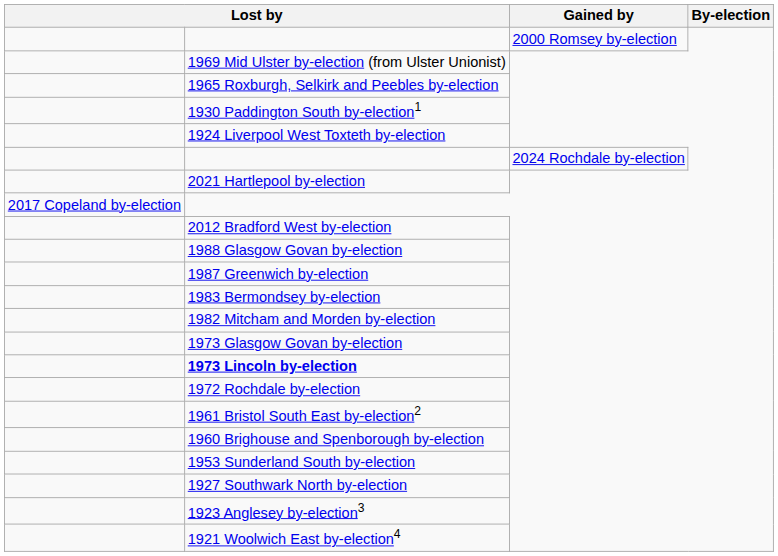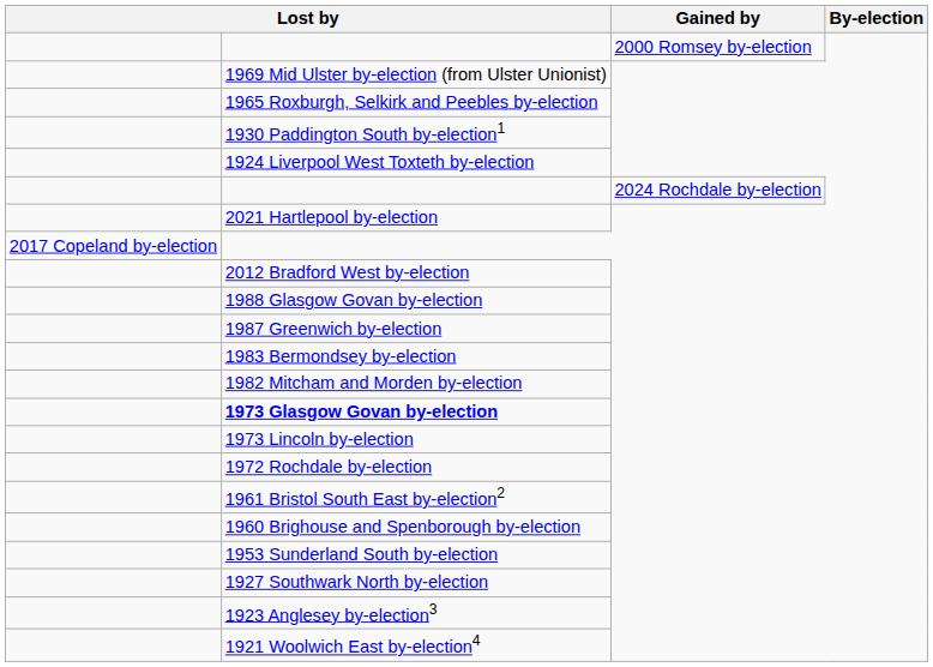 <table class="wikitable">
 <tr>
 <th colspan=2>Lost by</th>
 <th colspan=2>Gained by</th>
 <th>By-election</th>
 </tr>
 <tr>
 <td></td>
 <td></td>
 <td><a href='#'>2000 Romsey by-election</a></td>
 </tr>
 <tr>
 <td></td>
 <td><a href='#'>1969 Mid Ulster by-election</a> (from Ulster Unionist)</td>
 </tr>
 <tr>
 <td></td>
 <td><a href='#'>1965 Roxburgh, Selkirk and Peebles by-election</a></td>
 </tr>
 <tr>
 <td></td>
 <td><a href='#'>1930 Paddington South by-election</a><sup>1</sup></td>
 </tr>
 <tr>
 <td></td>
 <td><a href='#'>1924 Liverpool West Toxteth by-election</a></td>
 </tr>
 <tr>
 <td></td>
 <td></td>
 <td><a href='#'>2024 Rochdale by-election</a></td>
 </tr>
 <tr>
 <td></td>
 <td><a href='#'>2021 Hartlepool by-election</a></td>
 </tr>
 <tr>
 <td><a href='#'>2017 Copeland by-election</a></td>
 </tr>
 <tr>
 <td></td>
 <td><a href='#'>2012 Bradford West by-election</a></td>
 </tr>
 <tr>
 <td></td>
 <td><a href='#'>1988 Glasgow Govan by-election</a></td>
 </tr>
 <tr>
 <td></td>
 <td><a href='#'>1987 Greenwich by-election</a></td>
 </tr>
 <tr>
 <td></td>
 <td><a href='#'>1983 Bermondsey by-election</a></td>
 </tr>
 <tr>
 <td></td>
 <td><a href='#'>1982 Mitcham and Morden by-election</a></td>
 </tr>
 <tr>
 <td></td>
-<td><a href='#'>1973 Glasgow Govan by-election</a></td>
+<td><strong><a href='#'>1973 Glasgow Govan by-election</a></strong></td>
 </tr>
 <tr>
 <td></td>
-<td><strong><a href='#'>1973 Lincoln by-election</a></strong></td>
+<td><a href='#'>1973 Lincoln by-election</a></td>
 </tr>
 <tr>
 <td></td>
 <td><a href='#'>1972 Rochdale by-election</a></td>
 </tr>
 <tr>
 <td></td>
 <td><a href='#'>1961 Bristol South East by-election</a><sup>2</sup></td>
 </tr>
 <tr>
 <td></td>
 <td><a href='#'>1960 Brighouse and Spenborough by-election</a></td>
 </tr>
 <tr>
 <td></td>
 <td><a href='#'>1953 Sunderland South by-election</a></td>
 </tr>
 <tr>
 <td></td>
 <td><a href='#'>1927 Southwark North by-election</a></td>
 </tr>
 <tr>
 <td></td>
 <td><a href='#'>1923 Anglesey by-election</a><sup>3</sup></td>
 </tr>
 <tr>
 <td></td>
 <td><a href='#'>1921 Woolwich East by-election</a><sup>4</sup></td>
 </tr>
 </table>
